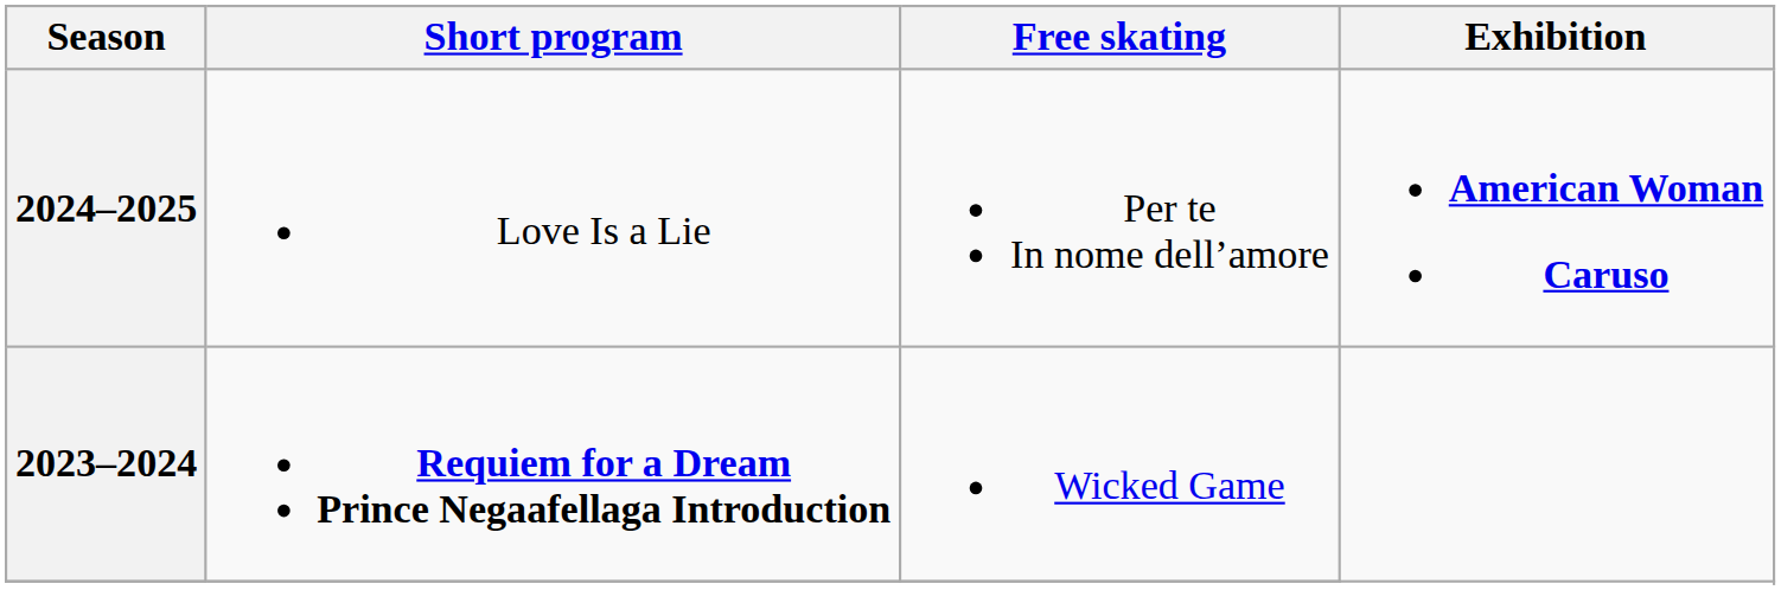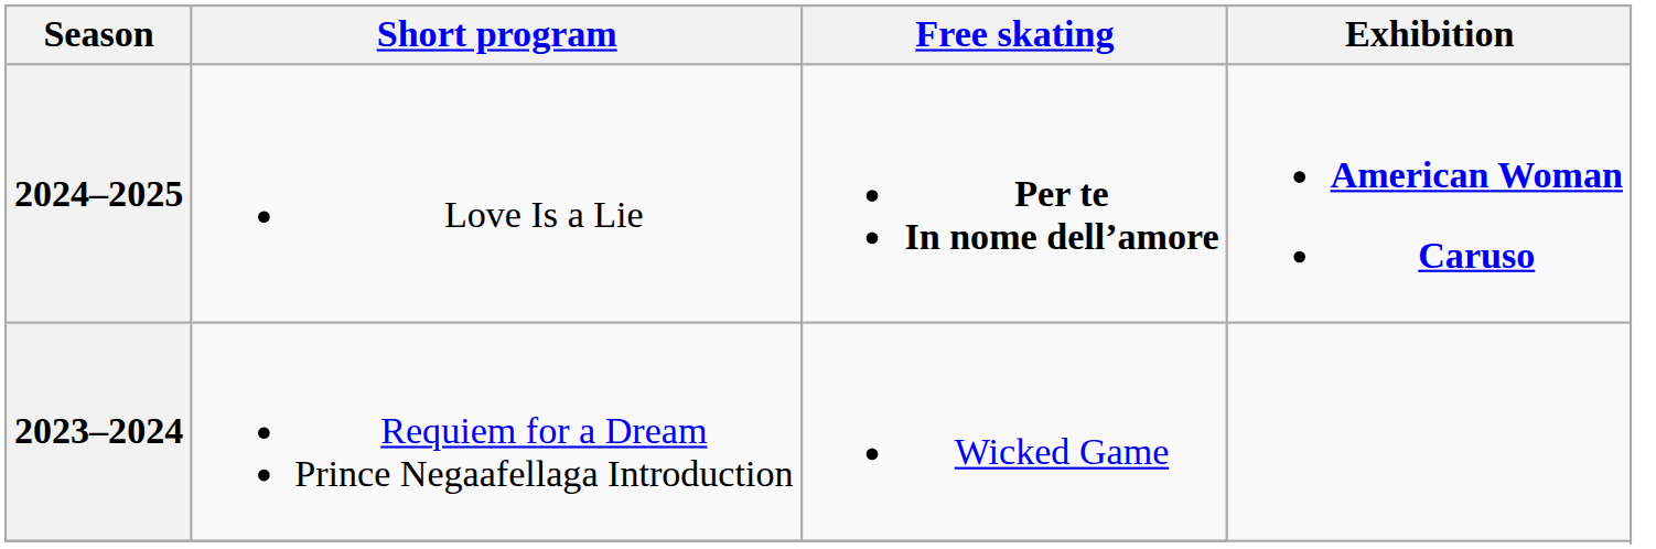 <table class=wikitable style=text-align:center>
 <tr>
 <th>Season</th>
 <th><a href='#'>Short program</a></th>
 <th><a href='#'>Free skating</a></th>
 <th>Exhibition</th>
 </tr>
 <tr>
 <th>2024–2025 <br> </th>
 <td><br><ul><li>Love Is a Lie <br> </li></ul></td>
-<td><br><ul><li>Per te <br> </li><li>In nome dell’amore <br> </li></ul></td>
+<td><strong><br><ul><li>Per te <br> </li><li>In nome dell’amore <br> </li></ul></strong></td>
 <td><strong><br><ul><li><a href='#'>American Woman</a> <br> </li></ul><ul><li><a href='#'>Caruso</a><br> </li></ul></strong></td>
 </tr>
 <tr>
 <th>2023–2024 <br> </th>
-<td><strong><br><ul><li><a href='#'>Requiem for a Dream</a> <br> </li><li>Prince Negaafellaga Introduction <br> </li></ul></strong></td>
+<td><br><ul><li><a href='#'>Requiem for a Dream</a> <br> </li><li>Prince Negaafellaga Introduction <br> </li></ul></td>
 <td><br><ul><li><a href='#'>Wicked Game</a> <br></li></ul></td>
 </tr>
 <tr>
 </tr>
 </table>
